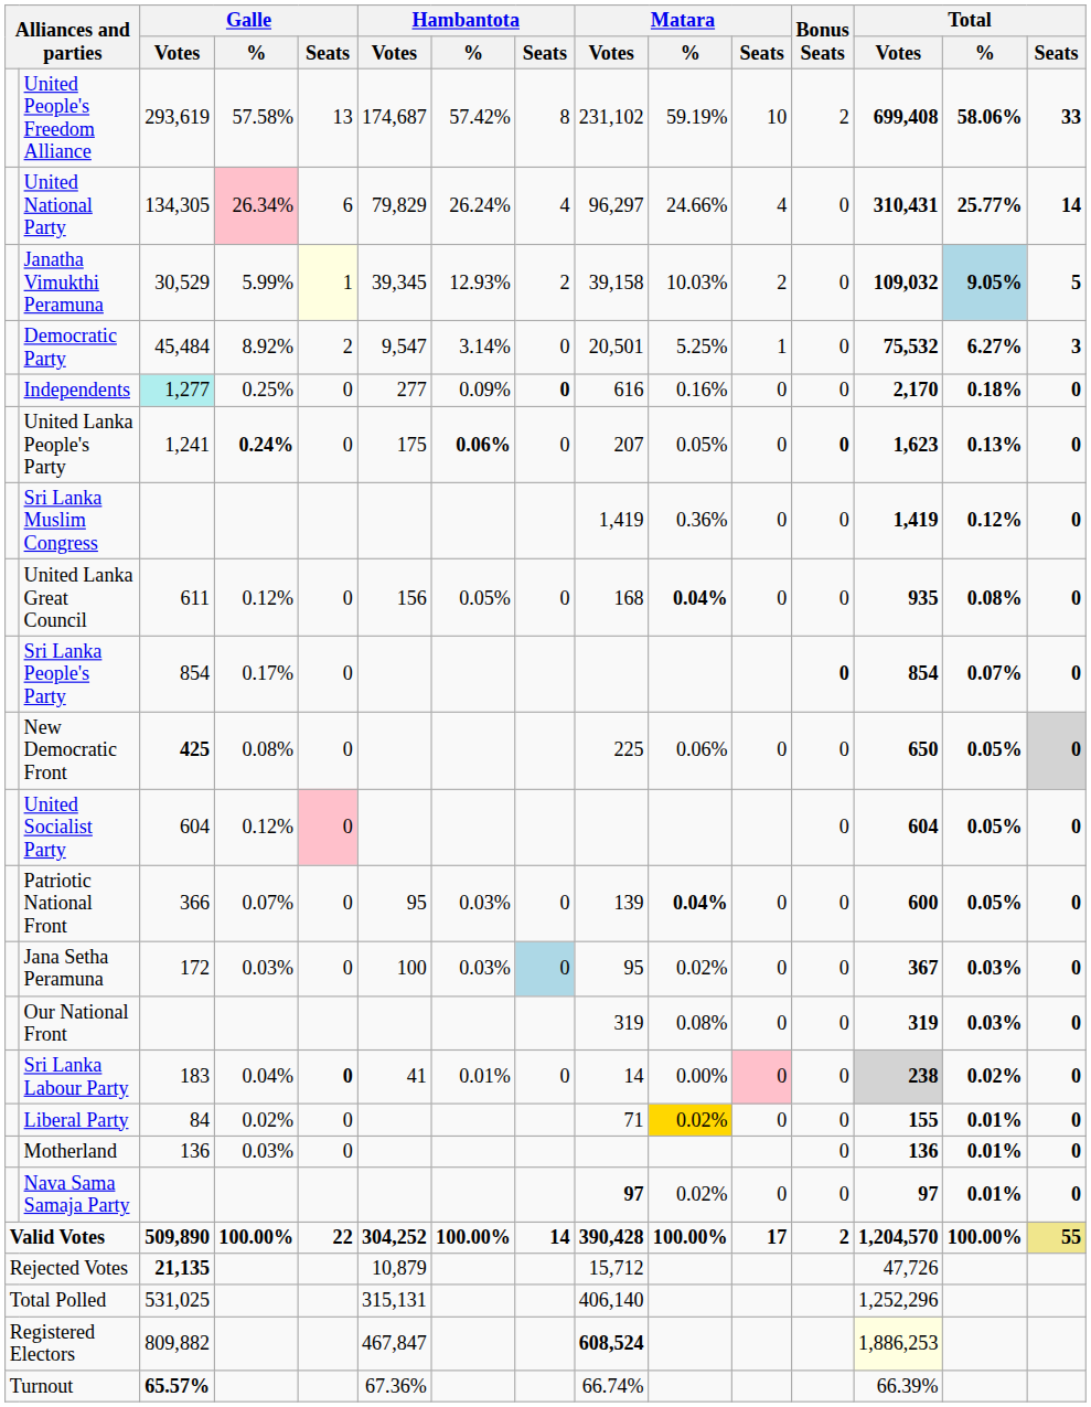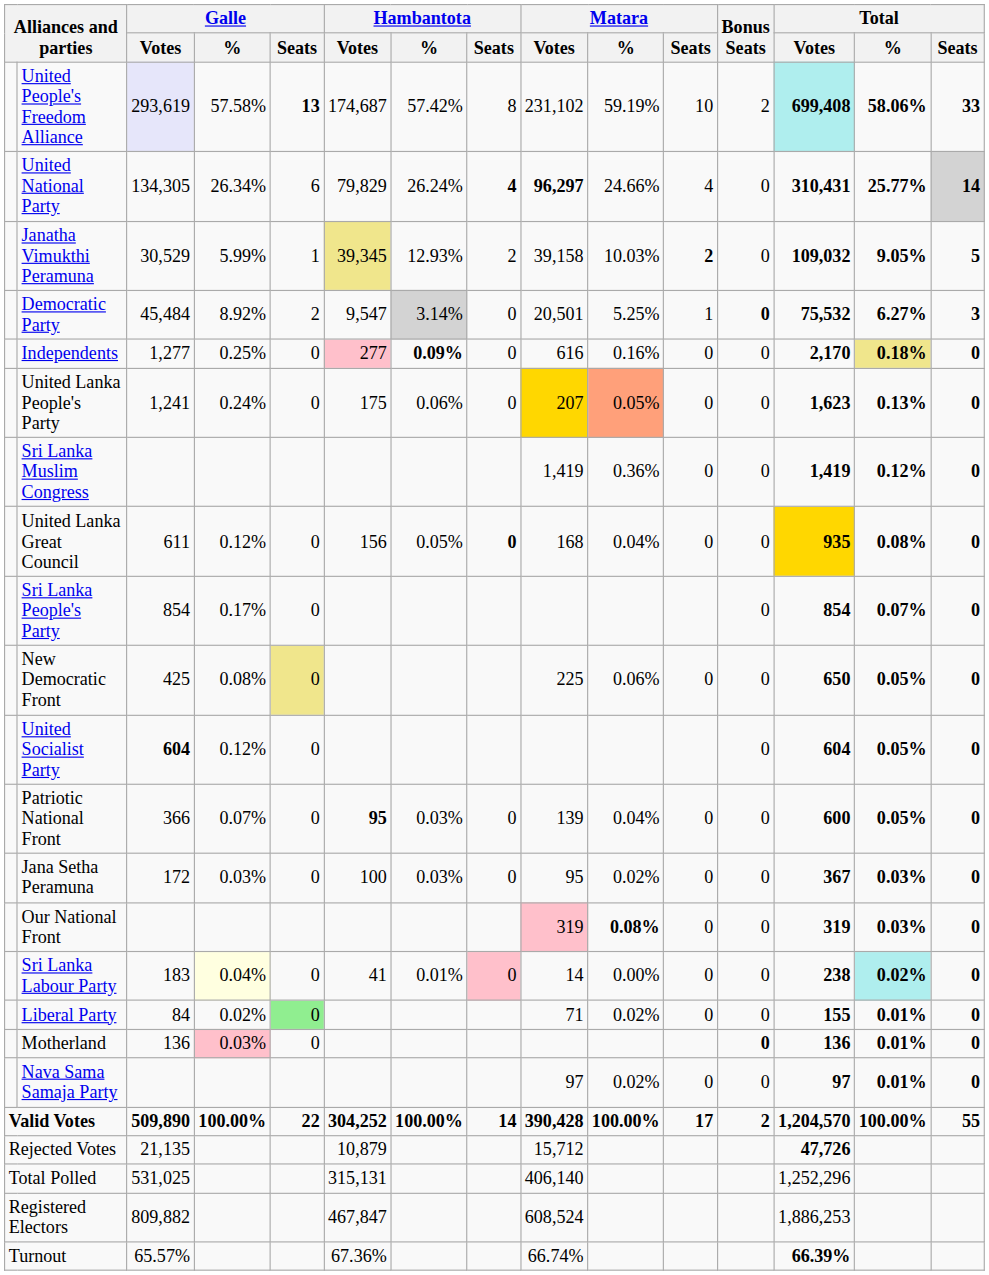 <table class="wikitable" border="1" style="text-align:right;">
 <tr>
 <th valign=bottom rowspan=2 colspan=2 width="200">Alliances and parties</th>
 <th colspan=3><a href='#'>Galle</a></th>
 <th colspan=3><a href='#'>Hambantota</a></th>
 <th colspan=3><a href='#'>Matara</a></th>
 <th valign=bottom rowspan=2 width="40">Bonus<br>Seats</th>
 <th colspan=3>Total</th>
 </tr>
 <tr>
 <th align=center valign=bottom width="50">Votes</th>
 <th align=center valign=bottom width="50">%</th>
 <th align=center valign=bottom width="40">Seats</th>
 <th align=center valign=bottom width="50">Votes</th>
 <th align=center valign=bottom width="50">%</th>
 <th align=center valign=bottom width="40">Seats</th>
 <th align=center valign=bottom width="50">Votes</th>
 <th align=center valign=bottom width="50">%</th>
 <th align=center valign=bottom width="40">Seats</th>
 <th align=center valign=bottom width="50">Votes</th>
 <th align=center valign=bottom width="50">%</th>
 <th align=center valign=bottom width="40">Seats</th>
 </tr>
 <tr>
 <td bgcolor=> </td>
 <td align=left><a href='#'>United People's Freedom Alliance</a></td>
-<td>293,619</td>
+<td style="background: lavender;">293,619</td>
 <td>57.58%</td>
-<td>13</td>
+<td><strong>13</strong></td>
 <td>174,687</td>
 <td>57.42%</td>
 <td>8</td>
 <td>231,102</td>
 <td>59.19%</td>
 <td>10</td>
 <td>2</td>
-<td><strong>699,408</strong></td>
+<td style="background: paleturquoise;"><strong>699,408</strong></td>
 <td><strong>58.06%</strong></td>
 <td><strong>33</strong></td>
 </tr>
 <tr>
 <td bgcolor=> </td>
 <td align=left><a href='#'>United National Party</a></td>
 <td>134,305</td>
-<td style="background: pink;">26.34%</td>
+<td>26.34%</td>
 <td>6</td>
 <td>79,829</td>
 <td>26.24%</td>
-<td>4</td>
-<td>96,297</td>
+<td><strong>4</strong></td>
+<td><strong>96,297</strong></td>
 <td>24.66%</td>
 <td>4</td>
 <td>0</td>
 <td><strong>310,431</strong></td>
 <td><strong>25.77%</strong></td>
-<td><strong>14</strong></td>
+<td style="background: lightgrey;"><strong>14</strong></td>
 </tr>
 <tr>
 <td bgcolor=> </td>
 <td align=left><a href='#'>Janatha Vimukthi Peramuna</a></td>
 <td>30,529</td>
 <td>5.99%</td>
-<td style="background: lightyellow;">1</td>
-<td>39,345</td>
+<td>1</td>
+<td style="background: khaki;">39,345</td>
 <td>12.93%</td>
 <td>2</td>
 <td>39,158</td>
 <td>10.03%</td>
-<td>2</td>
+<td><strong>2</strong></td>
 <td>0</td>
 <td><strong>109,032</strong></td>
-<td style="background: lightblue;"><strong>9.05%</strong></td>
+<td><strong>9.05%</strong></td>
 <td><strong>5</strong></td>
 </tr>
 <tr>
 <td bgcolor=> </td>
 <td align=left><a href='#'>Democratic Party</a></td>
 <td>45,484</td>
 <td>8.92%</td>
 <td>2</td>
 <td>9,547</td>
-<td>3.14%</td>
+<td style="background: lightgrey;">3.14%</td>
 <td>0</td>
 <td>20,501</td>
 <td>5.25%</td>
 <td>1</td>
-<td>0</td>
+<td><strong>0</strong></td>
 <td><strong>75,532</strong></td>
 <td><strong>6.27%</strong></td>
 <td><strong>3</strong></td>
 </tr>
 <tr>
 <td bgcolor=> </td>
 <td align=left><a href='#'>Independents</a></td>
-<td style="background: paleturquoise;">1,277</td>
+<td>1,277</td>
 <td>0.25%</td>
 <td>0</td>
-<td>277</td>
-<td>0.09%</td>
-<td><strong>0</strong></td>
+<td style="background: pink;">277</td>
+<td><strong>0.09%</strong></td>
+<td>0</td>
 <td>616</td>
 <td>0.16%</td>
 <td>0</td>
 <td>0</td>
 <td><strong>2,170</strong></td>
-<td><strong>0.18%</strong></td>
+<td style="background: khaki;"><strong>0.18%</strong></td>
 <td><strong>0</strong></td>
 </tr>
 <tr>
 <td></td>
 <td align=left>United Lanka People's Party</td>
 <td>1,241</td>
-<td><strong>0.24%</strong></td>
+<td>0.24%</td>
 <td>0</td>
 <td>175</td>
-<td><strong>0.06%</strong></td>
+<td>0.06%</td>
 <td>0</td>
-<td>207</td>
-<td>0.05%</td>
+<td style="background: gold;">207</td>
+<td style="background: lightsalmon;">0.05%</td>
 <td>0</td>
-<td><strong>0</strong></td>
+<td>0</td>
 <td><strong>1,623</strong></td>
 <td><strong>0.13%</strong></td>
 <td><strong>0</strong></td>
 </tr>
 <tr>
 <td bgcolor=> </td>
 <td align=left><a href='#'>Sri Lanka Muslim Congress</a></td>
 <td></td>
 <td></td>
 <td></td>
 <td></td>
 <td></td>
 <td></td>
 <td>1,419</td>
 <td>0.36%</td>
 <td>0</td>
 <td>0</td>
 <td><strong>1,419</strong></td>
 <td><strong>0.12%</strong></td>
 <td><strong>0</strong></td>
 </tr>
 <tr>
 <td></td>
 <td align=left>United Lanka Great Council</td>
 <td>611</td>
 <td>0.12%</td>
 <td>0</td>
 <td>156</td>
 <td>0.05%</td>
-<td>0</td>
+<td><strong>0</strong></td>
 <td>168</td>
-<td><strong>0.04%</strong></td>
+<td>0.04%</td>
 <td>0</td>
 <td>0</td>
-<td><strong>935</strong></td>
+<td style="background: gold;"><strong>935</strong></td>
 <td><strong>0.08%</strong></td>
 <td><strong>0</strong></td>
 </tr>
 <tr>
 <td></td>
 <td align=left><a href='#'>Sri Lanka People's Party</a></td>
 <td>854</td>
 <td>0.17%</td>
 <td>0</td>
 <td></td>
 <td></td>
 <td></td>
 <td></td>
 <td></td>
 <td></td>
-<td><strong>0</strong></td>
+<td>0</td>
 <td><strong>854</strong></td>
 <td><strong>0.07%</strong></td>
 <td><strong>0</strong></td>
 </tr>
 <tr>
 <td></td>
 <td align=left>New Democratic Front</td>
-<td><strong>425</strong></td>
+<td>425</td>
 <td>0.08%</td>
-<td>0</td>
+<td style="background: khaki;">0</td>
 <td></td>
 <td></td>
 <td></td>
 <td>225</td>
 <td>0.06%</td>
 <td>0</td>
 <td>0</td>
 <td><strong>650</strong></td>
 <td><strong>0.05%</strong></td>
-<td style="background: lightgrey;"><strong>0</strong></td>
+<td><strong>0</strong></td>
 </tr>
 <tr>
 <td bgcolor=> </td>
 <td align=left><a href='#'>United Socialist Party</a></td>
-<td>604</td>
+<td><strong>604</strong></td>
 <td>0.12%</td>
-<td style="background: pink;">0</td>
+<td>0</td>
 <td></td>
 <td></td>
 <td></td>
 <td></td>
 <td></td>
 <td></td>
 <td>0</td>
 <td><strong>604</strong></td>
 <td><strong>0.05%</strong></td>
 <td><strong>0</strong></td>
 </tr>
 <tr>
 <td></td>
 <td align=left>Patriotic National Front</td>
 <td>366</td>
 <td>0.07%</td>
 <td>0</td>
-<td>95</td>
+<td><strong>95</strong></td>
 <td>0.03%</td>
 <td>0</td>
 <td>139</td>
-<td><strong>0.04%</strong></td>
+<td>0.04%</td>
 <td>0</td>
 <td>0</td>
 <td><strong>600</strong></td>
 <td><strong>0.05%</strong></td>
 <td><strong>0</strong></td>
 </tr>
 <tr>
 <td></td>
 <td align=left>Jana Setha Peramuna</td>
 <td>172</td>
 <td>0.03%</td>
 <td>0</td>
 <td>100</td>
 <td>0.03%</td>
-<td style="background: lightblue;">0</td>
+<td>0</td>
 <td>95</td>
 <td>0.02%</td>
 <td>0</td>
 <td>0</td>
 <td><strong>367</strong></td>
 <td><strong>0.03%</strong></td>
 <td><strong>0</strong></td>
 </tr>
 <tr>
 <td></td>
 <td align=left>Our National Front</td>
 <td></td>
 <td></td>
 <td></td>
 <td></td>
 <td></td>
 <td></td>
-<td>319</td>
-<td>0.08%</td>
+<td style="background: pink;">319</td>
+<td><strong>0.08%</strong></td>
 <td>0</td>
 <td>0</td>
 <td><strong>319</strong></td>
 <td><strong>0.03%</strong></td>
 <td><strong>0</strong></td>
 </tr>
 <tr>
 <td></td>
 <td align=left><a href='#'>Sri Lanka Labour Party</a></td>
 <td>183</td>
-<td>0.04%</td>
-<td><strong>0</strong></td>
+<td style="background: lightyellow;">0.04%</td>
+<td>0</td>
 <td>41</td>
 <td>0.01%</td>
-<td>0</td>
+<td style="background: pink;">0</td>
 <td>14</td>
 <td>0.00%</td>
-<td style="background: pink;">0</td>
 <td>0</td>
-<td style="background: lightgrey;"><strong>238</strong></td>
-<td><strong>0.02%</strong></td>
+<td>0</td>
+<td><strong>238</strong></td>
+<td style="background: paleturquoise;"><strong>0.02%</strong></td>
 <td><strong>0</strong></td>
 </tr>
 <tr>
 <td></td>
 <td align=left><a href='#'>Liberal Party</a></td>
 <td>84</td>
 <td>0.02%</td>
-<td>0</td>
+<td style="background: lightgreen;">0</td>
 <td></td>
 <td></td>
 <td></td>
 <td>71</td>
-<td style="background: gold;">0.02%</td>
+<td>0.02%</td>
 <td>0</td>
 <td>0</td>
 <td><strong>155</strong></td>
 <td><strong>0.01%</strong></td>
 <td><strong>0</strong></td>
 </tr>
 <tr>
 <td></td>
 <td align=left>Motherland</td>
 <td>136</td>
-<td>0.03%</td>
+<td style="background: pink;">0.03%</td>
 <td>0</td>
 <td></td>
 <td></td>
 <td></td>
 <td></td>
 <td></td>
 <td></td>
-<td>0</td>
+<td><strong>0</strong></td>
 <td><strong>136</strong></td>
 <td><strong>0.01%</strong></td>
 <td><strong>0</strong></td>
 </tr>
 <tr>
 <td bgcolor=> </td>
 <td align=left><a href='#'>Nava Sama Samaja Party</a></td>
 <td></td>
 <td></td>
 <td></td>
 <td></td>
 <td></td>
 <td></td>
-<td><strong>97</strong></td>
+<td>97</td>
 <td>0.02%</td>
 <td>0</td>
 <td>0</td>
 <td><strong>97</strong></td>
 <td><strong>0.01%</strong></td>
 <td><strong>0</strong></td>
 </tr>
 <tr style="font-weight:bold">
 <td colspan=2 align=left>Valid Votes</td>
 <td>509,890</td>
 <td>100.00%</td>
 <td>22</td>
 <td>304,252</td>
 <td>100.00%</td>
 <td>14</td>
 <td>390,428</td>
 <td>100.00%</td>
 <td>17</td>
 <td>2</td>
 <td>1,204,570</td>
 <td>100.00%</td>
-<td style="background: khaki;">55</td>
+<td>55</td>
 </tr>
 <tr>
 <td colspan=2 align=left>Rejected Votes</td>
-<td><strong>21,135</strong></td>
+<td>21,135</td>
 <td></td>
 <td></td>
 <td>10,879</td>
 <td></td>
 <td></td>
 <td>15,712</td>
 <td></td>
 <td></td>
 <td></td>
-<td>47,726</td>
+<td><strong>47,726</strong></td>
 <td></td>
 <td></td>
 </tr>
 <tr>
 <td colspan=2 align=left>Total Polled</td>
 <td>531,025</td>
 <td></td>
 <td></td>
 <td>315,131</td>
 <td></td>
 <td></td>
 <td>406,140</td>
 <td></td>
 <td></td>
 <td></td>
 <td>1,252,296</td>
 <td></td>
 <td></td>
 </tr>
 <tr>
 <td colspan=2 align=left>Registered Electors</td>
 <td>809,882</td>
 <td></td>
 <td></td>
 <td>467,847</td>
 <td></td>
 <td></td>
-<td><strong>608,524</strong></td>
+<td>608,524</td>
 <td></td>
 <td></td>
 <td></td>
-<td style="background: lightyellow;">1,886,253</td>
+<td>1,886,253</td>
 <td></td>
 <td></td>
 </tr>
 <tr>
 <td colspan=2 align=left>Turnout</td>
-<td><strong>65.57%</strong></td>
+<td>65.57%</td>
 <td></td>
 <td></td>
 <td>67.36%</td>
 <td></td>
 <td></td>
 <td>66.74%</td>
 <td></td>
 <td></td>
 <td></td>
-<td>66.39%</td>
+<td><strong>66.39%</strong></td>
 <td></td>
 <td></td>
 </tr>
 </table>
